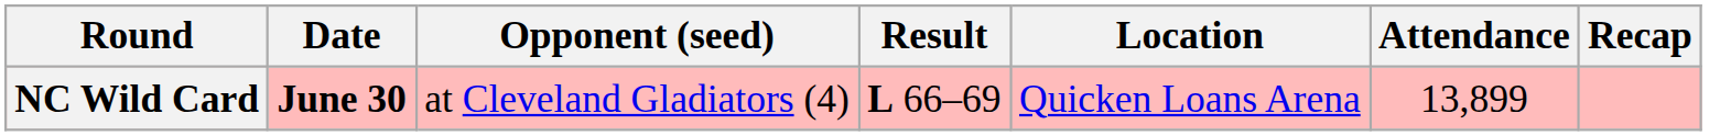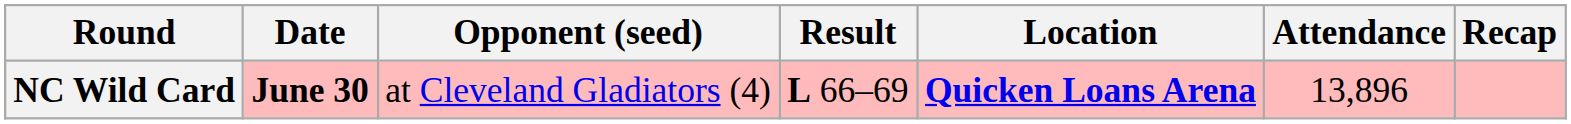 <table class="wikitable" style="text-align:center">
 <tr>
 <th>Round</th>
 <th>Date</th>
 <th>Opponent (seed)</th>
 <th>Result</th>
 <th>Location</th>
 <th>Attendance</th>
 <th>Recap</th>
 </tr>
 <tr bgcolor="#ffbbbb">
 <th>NC Wild Card</th>
 <td><strong>June 30</strong></td>
 <td>at <a href='#'>Cleveland Gladiators</a> (4)</td>
 <td><strong>L</strong> 66–69</td>
-<td><a href='#'>Quicken Loans Arena</a></td>
-<td>13,899</td>
+<td><strong><a href='#'>Quicken Loans Arena</a></strong></td>
+<td>13,896</td>
 <td></td>
 </tr>
 </table>
